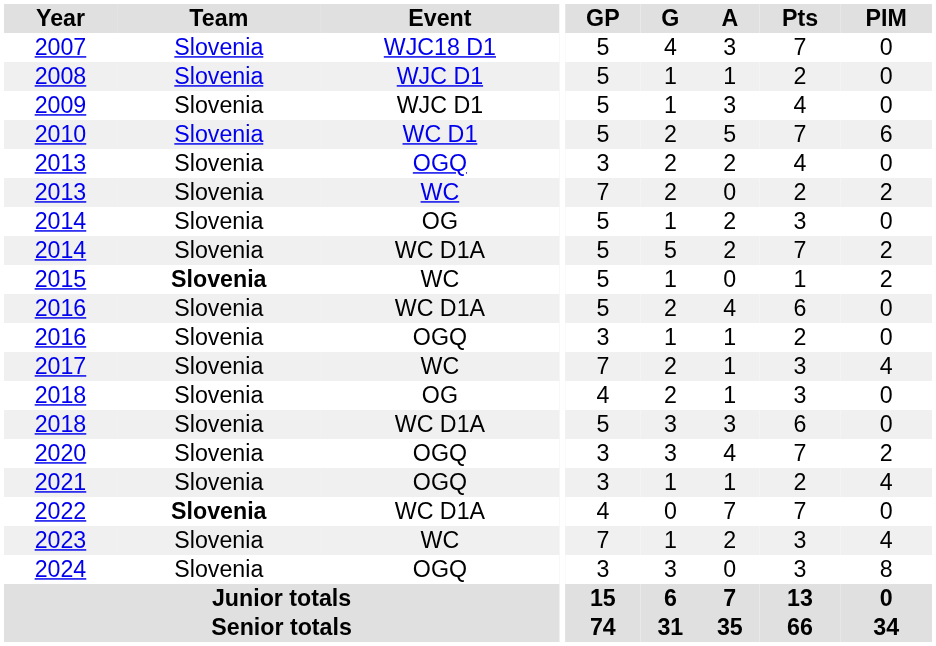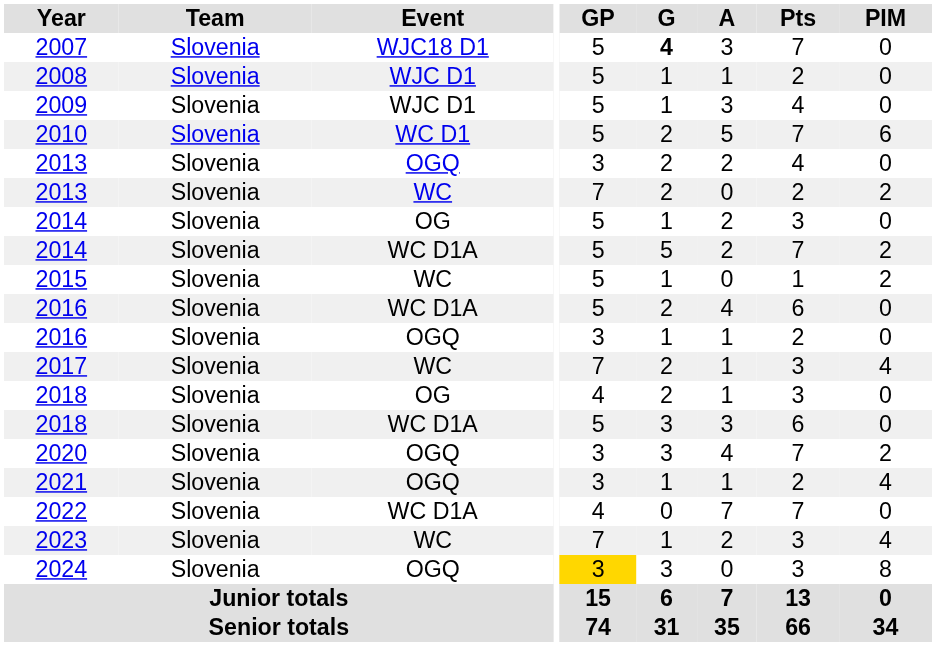 <table border="0" cellpadding="1" cellspacing="0" ID="Table3" style="text-align:center; width:40em">
 <tr ALIGN="center" bgcolor="#e0e0e0">
 <th>Year</th>
 <th>Team</th>
 <th>Event</th>
 <th rowspan="99" bgcolor="#ffffff"></th>
 <th>GP</th>
 <th>G</th>
 <th>A</th>
 <th>Pts</th>
 <th>PIM</th>
 </tr>
 <tr>
 <td><a href='#'>2007</a></td>
 <td><a href='#'>Slovenia</a></td>
 <td><a href='#'>WJC18 D1</a></td>
 <td>5</td>
-<td>4</td>
+<td><strong>4</strong></td>
 <td>3</td>
 <td>7</td>
 <td>0</td>
 </tr>
 <tr bgcolor="#f0f0f0">
 <td><a href='#'>2008</a></td>
 <td><a href='#'>Slovenia</a></td>
 <td><a href='#'>WJC D1</a></td>
 <td>5</td>
 <td>1</td>
 <td>1</td>
 <td>2</td>
 <td>0</td>
 </tr>
 <tr>
 <td><a href='#'>2009</a></td>
 <td>Slovenia</td>
 <td>WJC D1</td>
 <td>5</td>
 <td>1</td>
 <td>3</td>
 <td>4</td>
 <td>0</td>
 </tr>
 <tr bgcolor="#f0f0f0">
 <td><a href='#'>2010</a></td>
 <td><a href='#'>Slovenia</a></td>
 <td><a href='#'>WC D1</a></td>
 <td>5</td>
 <td>2</td>
 <td>5</td>
 <td>7</td>
 <td>6</td>
 </tr>
 <tr>
 <td><a href='#'>2013</a></td>
 <td>Slovenia</td>
 <td><a href='#'>OGQ</a></td>
 <td>3</td>
 <td>2</td>
 <td>2</td>
 <td>4</td>
 <td>0</td>
 </tr>
 <tr bgcolor="#f0f0f0">
 <td><a href='#'>2013</a></td>
 <td>Slovenia</td>
 <td><a href='#'>WC</a></td>
 <td>7</td>
 <td>2</td>
 <td>0</td>
 <td>2</td>
 <td>2</td>
 </tr>
 <tr>
 <td><a href='#'>2014</a></td>
 <td>Slovenia</td>
 <td>OG</td>
 <td>5</td>
 <td>1</td>
 <td>2</td>
 <td>3</td>
 <td>0</td>
 </tr>
 <tr bgcolor="#f0f0f0">
 <td><a href='#'>2014</a></td>
 <td>Slovenia</td>
 <td>WC D1A</td>
 <td>5</td>
 <td>5</td>
 <td>2</td>
 <td>7</td>
 <td>2</td>
 </tr>
 <tr>
 <td><a href='#'>2015</a></td>
-<td><strong>Slovenia</strong></td>
+<td>Slovenia</td>
 <td>WC</td>
 <td>5</td>
 <td>1</td>
 <td>0</td>
 <td>1</td>
 <td>2</td>
 </tr>
 <tr bgcolor="#f0f0f0">
 <td><a href='#'>2016</a></td>
 <td>Slovenia</td>
 <td>WC D1A</td>
 <td>5</td>
 <td>2</td>
 <td>4</td>
 <td>6</td>
 <td>0</td>
 </tr>
 <tr>
 <td><a href='#'>2016</a></td>
 <td>Slovenia</td>
 <td>OGQ</td>
 <td>3</td>
 <td>1</td>
 <td>1</td>
 <td>2</td>
 <td>0</td>
 </tr>
 <tr bgcolor="#f0f0f0">
 <td><a href='#'>2017</a></td>
 <td>Slovenia</td>
 <td>WC</td>
 <td>7</td>
 <td>2</td>
 <td>1</td>
 <td>3</td>
 <td>4</td>
 </tr>
 <tr>
 <td><a href='#'>2018</a></td>
 <td>Slovenia</td>
 <td>OG</td>
 <td>4</td>
 <td>2</td>
 <td>1</td>
 <td>3</td>
 <td>0</td>
 </tr>
 <tr bgcolor="#f0f0f0">
 <td><a href='#'>2018</a></td>
 <td>Slovenia</td>
 <td>WC D1A</td>
 <td>5</td>
 <td>3</td>
 <td>3</td>
 <td>6</td>
 <td>0</td>
 </tr>
 <tr>
 <td><a href='#'>2020</a></td>
 <td>Slovenia</td>
 <td>OGQ</td>
 <td>3</td>
 <td>3</td>
 <td>4</td>
 <td>7</td>
 <td>2</td>
 </tr>
 <tr bgcolor="#f0f0f0">
 <td><a href='#'>2021</a></td>
 <td>Slovenia</td>
 <td>OGQ</td>
 <td>3</td>
 <td>1</td>
 <td>1</td>
 <td>2</td>
 <td>4</td>
 </tr>
 <tr>
 <td><a href='#'>2022</a></td>
-<td><strong>Slovenia</strong></td>
+<td>Slovenia</td>
 <td>WC D1A</td>
 <td>4</td>
 <td>0</td>
 <td>7</td>
 <td>7</td>
 <td>0</td>
 </tr>
 <tr bgcolor="#f0f0f0">
 <td><a href='#'>2023</a></td>
 <td>Slovenia</td>
 <td>WC</td>
 <td>7</td>
 <td>1</td>
 <td>2</td>
 <td>3</td>
 <td>4</td>
 </tr>
 <tr>
 <td><a href='#'>2024</a></td>
 <td>Slovenia</td>
 <td>OGQ</td>
-<td>3</td>
+<td style="background: gold;">3</td>
 <td>3</td>
 <td>0</td>
 <td>3</td>
 <td>8</td>
 </tr>
 <tr bgcolor="#e0e0e0">
 <th colspan=3>Junior totals</th>
 <th>15</th>
 <th>6</th>
 <th>7</th>
 <th>13</th>
 <th>0</th>
 </tr>
 <tr bgcolor="#e0e0e0">
 <th colspan=3>Senior totals</th>
 <th>74</th>
 <th>31</th>
 <th>35</th>
 <th>66</th>
 <th>34</th>
 </tr>
 </table>
